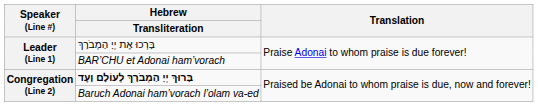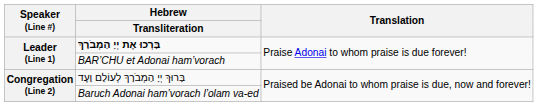 <table class="wikitable">
 <tr>
 <th rowspan="2">Speaker<br><small>(Line #)</small></th>
 <th>Hebrew</th>
 <th rowspan="2">Translation</th>
 </tr>
 <tr>
 <th>Transliteration</th>
 </tr>
 <tr>
 <th rowspan="2">Leader<br><small>(Line 1)</small></th>
-<td><span>בָּרְכוּ אֶת יְיָ הַמְבֹרָךְ</span></td>
+<td><strong><span>בָּרְכוּ אֶת יְיָ הַמְבֹרָךְ</span></strong></td>
 <td rowspan="2">Praise <a href='#'>Adonai</a> to whom praise is due forever!</td>
 </tr>
 <tr>
 <td><em>BAR’CHU et Adonai ham’vorach</em></td>
 </tr>
 <tr>
 <th rowspan="2">Congregation<br><small>(Line 2)</small></th>
-<td><strong><span>בָּרוּךְ יְיָ הַמְבֹרָךְ לְעוֹלָם וָעֶד</span></strong></td>
+<td><span>בָּרוּךְ יְיָ הַמְבֹרָךְ לְעוֹלָם וָעֶד</span></td>
 <td rowspan="2">Praised be Adonai to whom praise is due, now and forever!</td>
 </tr>
 <tr>
 <td><em>Baruch Adonai ham’vorach l’olam va-ed</em></td>
 </tr>
 </table>
